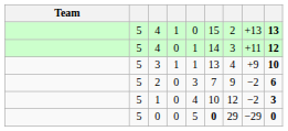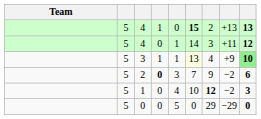 <table class="wikitable" style="text-align:center">
 <tr>
 <th width="175">Team</th>
 <th width="20"></th>
 <th width="20"></th>
 <th width="20"></th>
 <th width="20"></th>
 <th width="20"></th>
 <th width="20"></th>
 <th width="20"></th>
 <th width="20"></th>
 </tr>
 <tr bgcolor=ccffcc>
 <td align=left></td>
 <td>5</td>
 <td>4</td>
 <td>1</td>
 <td>0</td>
-<td>15</td>
+<td><strong>15</strong></td>
 <td>2</td>
 <td>+13</td>
 <td><strong>13</strong></td>
 </tr>
 <tr bgcolor=ccffcc>
 <td align=left></td>
 <td>5</td>
 <td>4</td>
 <td>0</td>
 <td>1</td>
 <td>14</td>
 <td>3</td>
 <td>+11</td>
 <td><strong>12</strong></td>
 </tr>
 <tr>
 <td align=left></td>
 <td>5</td>
 <td>3</td>
 <td>1</td>
 <td>1</td>
-<td>13</td>
+<td style="background: lightyellow;">13</td>
 <td>4</td>
 <td>+9</td>
-<td><strong>10</strong></td>
+<td style="background: lightgreen;"><strong>10</strong></td>
 </tr>
 <tr>
 <td align=left></td>
 <td>5</td>
 <td>2</td>
-<td>0</td>
+<td><strong>0</strong></td>
 <td>3</td>
 <td>7</td>
 <td>9</td>
 <td>−2</td>
 <td><strong>6</strong></td>
 </tr>
 <tr>
 <td align=left></td>
 <td>5</td>
 <td>1</td>
 <td>0</td>
 <td>4</td>
 <td>10</td>
-<td>12</td>
+<td><strong>12</strong></td>
 <td>−2</td>
 <td><strong>3</strong></td>
 </tr>
 <tr>
 <td align=left></td>
 <td>5</td>
 <td>0</td>
 <td>0</td>
 <td>5</td>
-<td><strong>0</strong></td>
+<td>0</td>
 <td>29</td>
 <td>−29</td>
 <td><strong>0</strong></td>
 </tr>
 </table>
